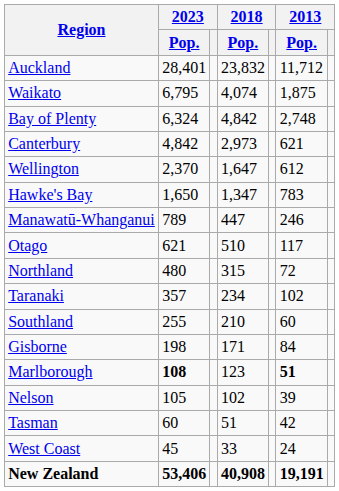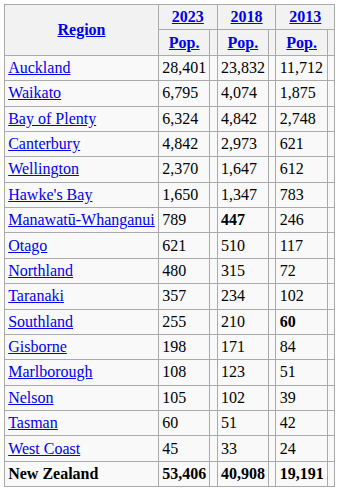 <table class="wikitable collapsible sortable">
 <tr>
 <th rowspan="2"><a href='#'>Region</a></th>
 <th colspan="2"><a href='#'>2023</a></th>
 <th colspan="2"><a href='#'>2018</a></th>
 <th colspan="2"><a href='#'>2013</a></th>
 </tr>
 <tr>
 <th><a href='#'>Pop.</a></th>
 <th></th>
 <th><a href='#'>Pop.</a></th>
 <th></th>
 <th><a href='#'>Pop.</a></th>
 <th></th>
 </tr>
 <tr>
 <td><a href='#'>Auckland</a></td>
 <td>28,401</td>
 <td></td>
 <td>23,832</td>
 <td></td>
 <td>11,712</td>
 <td></td>
 </tr>
 <tr>
 <td><a href='#'>Waikato</a></td>
 <td>6,795</td>
 <td></td>
 <td>4,074</td>
 <td></td>
 <td>1,875</td>
 <td></td>
 </tr>
 <tr>
 <td><a href='#'>Bay of Plenty</a></td>
 <td>6,324</td>
 <td></td>
 <td>4,842</td>
 <td></td>
 <td>2,748</td>
 <td></td>
 </tr>
 <tr>
 <td><a href='#'>Canterbury</a></td>
 <td>4,842</td>
 <td></td>
 <td>2,973</td>
 <td></td>
 <td>621</td>
 <td></td>
 </tr>
 <tr>
 <td><a href='#'>Wellington</a></td>
 <td>2,370</td>
 <td></td>
 <td>1,647</td>
 <td></td>
 <td>612</td>
 <td></td>
 </tr>
 <tr>
 <td><a href='#'>Hawke's Bay</a></td>
 <td>1,650</td>
 <td></td>
 <td>1,347</td>
 <td></td>
 <td>783</td>
 <td></td>
 </tr>
 <tr>
 <td><a href='#'>Manawatū-Whanganui</a></td>
 <td>789</td>
 <td></td>
-<td>447</td>
+<td><strong>447</strong></td>
 <td></td>
 <td>246</td>
 <td></td>
 </tr>
 <tr>
 <td><a href='#'>Otago</a></td>
 <td>621</td>
 <td></td>
 <td>510</td>
 <td></td>
 <td>117</td>
 <td></td>
 </tr>
 <tr>
 <td><a href='#'>Northland</a></td>
 <td>480</td>
 <td></td>
 <td>315</td>
 <td></td>
 <td>72</td>
 <td></td>
 </tr>
 <tr>
 <td><a href='#'>Taranaki</a></td>
 <td>357</td>
 <td></td>
 <td>234</td>
 <td></td>
 <td>102</td>
 <td></td>
 </tr>
 <tr>
 <td><a href='#'>Southland</a></td>
 <td>255</td>
 <td></td>
 <td>210</td>
 <td></td>
-<td>60</td>
+<td><strong>60</strong></td>
 <td></td>
 </tr>
 <tr>
 <td><a href='#'>Gisborne</a></td>
 <td>198</td>
 <td></td>
 <td>171</td>
 <td></td>
 <td>84</td>
 <td></td>
 </tr>
 <tr>
 <td><a href='#'>Marlborough</a></td>
-<td><strong>108</strong></td>
+<td>108</td>
 <td></td>
 <td>123</td>
 <td></td>
-<td><strong>51</strong></td>
+<td>51</td>
 <td></td>
 </tr>
 <tr>
 <td><a href='#'>Nelson</a></td>
 <td>105</td>
 <td></td>
 <td>102</td>
 <td></td>
 <td>39</td>
 <td></td>
 </tr>
 <tr>
 <td><a href='#'>Tasman</a></td>
 <td>60</td>
 <td></td>
 <td>51</td>
 <td></td>
 <td>42</td>
 <td></td>
 </tr>
 <tr>
 <td><a href='#'>West Coast</a></td>
 <td>45</td>
 <td></td>
 <td>33</td>
 <td></td>
 <td>24</td>
 <td></td>
 </tr>
 <tr>
 <td> <strong>New Zealand</strong></td>
 <td><strong>53,406</strong></td>
 <td><strong></strong></td>
 <td><strong>40,908</strong></td>
 <td><strong></strong></td>
 <td><strong>19,191</strong></td>
 <td><strong></strong></td>
 </tr>
 </table>
